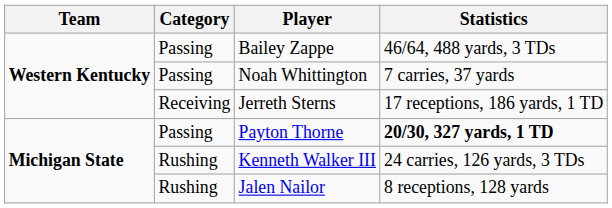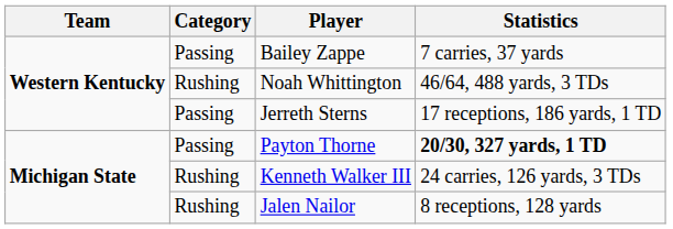 <table class="wikitable" style="float: left;">
 <tr>
 <th>Team</th>
 <th>Category</th>
 <th>Player</th>
 <th>Statistics</th>
 </tr>
 <tr>
 <td rowspan=3><strong>Western Kentucky</strong></td>
 <td>Passing</td>
 <td>Bailey Zappe</td>
+<td>7 carries, 37 yards</td>
+</tr>
+<tr>
+<td>Rushing</td>
+<td>Noah Whittington</td>
 <td>46/64, 488 yards, 3 TDs</td>
 </tr>
 <tr>
 <td>Passing</td>
-<td>Noah Whittington</td>
-<td>7 carries, 37 yards</td>
-</tr>
-<tr>
-<td>Receiving</td>
 <td>Jerreth Sterns</td>
 <td>17 receptions, 186 yards, 1 TD</td>
 </tr>
 <tr>
 <td rowspan=3><strong>Michigan State</strong></td>
 <td>Passing</td>
 <td><a href='#'>Payton Thorne</a></td>
 <td><strong>20/30, 327 yards, 1 TD</strong></td>
 </tr>
 <tr>
 <td>Rushing</td>
 <td><a href='#'>Kenneth Walker III</a></td>
 <td>24 carries, 126 yards, 3 TDs</td>
 </tr>
 <tr>
 <td>Rushing</td>
 <td><a href='#'>Jalen Nailor</a></td>
 <td>8 receptions, 128 yards</td>
 </tr>
 </table>
